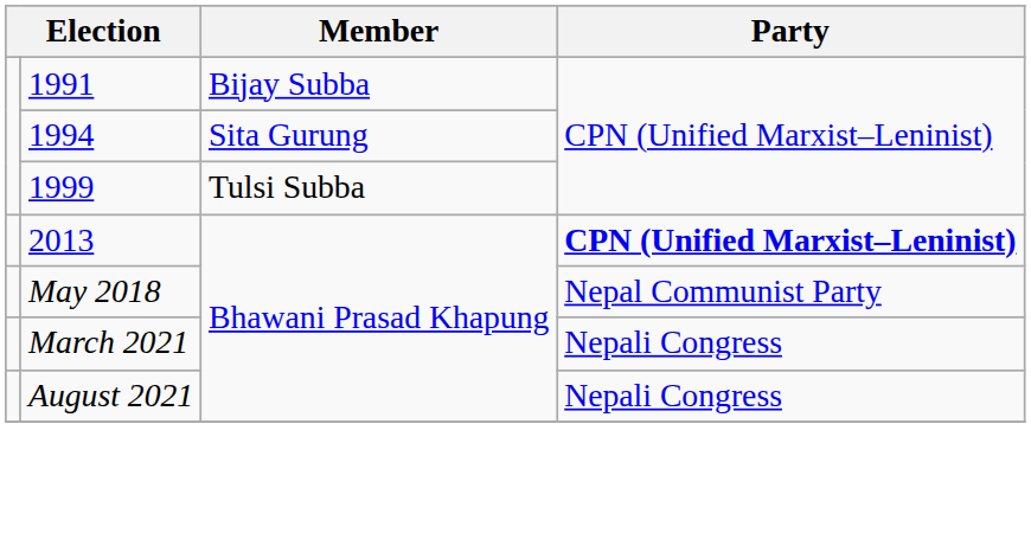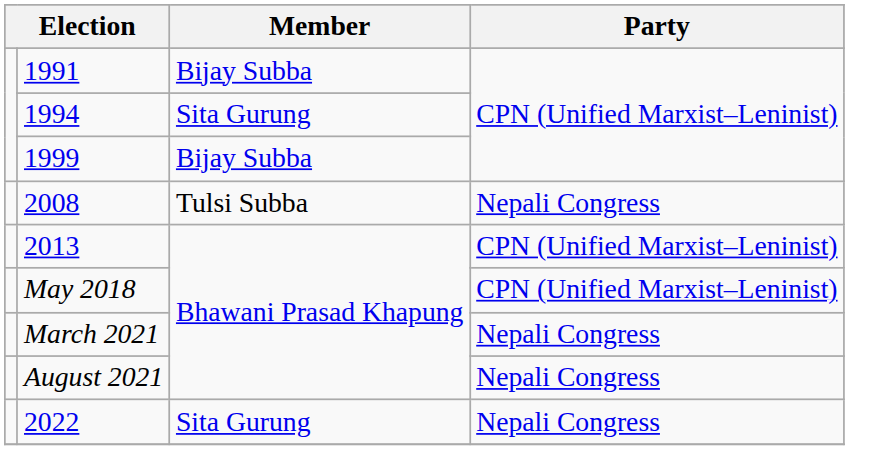 <table class="wikitable">
 <tr>
 <th colspan="2">Election</th>
 <th>Member</th>
 <th>Party</th>
 </tr>
 <tr>
 <td rowspan="3" style="background-color:"></td>
 <td><a href='#'>1991</a></td>
 <td><a href='#'>Bijay Subba</a></td>
 <td rowspan="3"><a href='#'>CPN (Unified Marxist–Leninist)</a></td>
 </tr>
 <tr>
 <td><a href='#'>1994</a></td>
 <td><a href='#'>Sita Gurung</a></td>
 </tr>
 <tr>
 <td><a href='#'>1999</a></td>
+<td><a href='#'>Bijay Subba</a></td>
+</tr>
+<tr>
+<td style="background-color:"></td>
+<td><a href='#'>2008</a></td>
 <td>Tulsi Subba</td>
+<td><a href='#'>Nepali Congress</a></td>
 </tr>
 <tr>
 <td style="background-color:"></td>
 <td><a href='#'>2013</a></td>
 <td rowspan="4"><a href='#'>Bhawani Prasad Khapung</a></td>
-<td><strong><a href='#'>CPN (Unified Marxist–Leninist)</a></strong></td>
+<td><a href='#'>CPN (Unified Marxist–Leninist)</a></td>
 </tr>
 <tr>
 <td style="background-color:"></td>
 <td><em>May 2018</em></td>
-<td><a href='#'>Nepal Communist Party</a></td>
+<td><a href='#'>CPN (Unified Marxist–Leninist)</a></td>
 </tr>
 <tr>
 <td style="background-color:"></td>
 <td><em>March 2021</em></td>
 <td><a href='#'>Nepali Congress</a></td>
 </tr>
 <tr>
 <td style="background-color:"></td>
 <td><em>August 2021</em></td>
 <td><a href='#'>Nepali Congress</a></td>
 </tr>
 <tr>
+<td style="background-color:"></td>
+<td><a href='#'>2022</a></td>
+<td><a href='#'>Sita Gurung</a></td>
+<td><a href='#'>Nepali Congress</a></td>
+</tr>
+<tr>
 </tr>
 </table>
